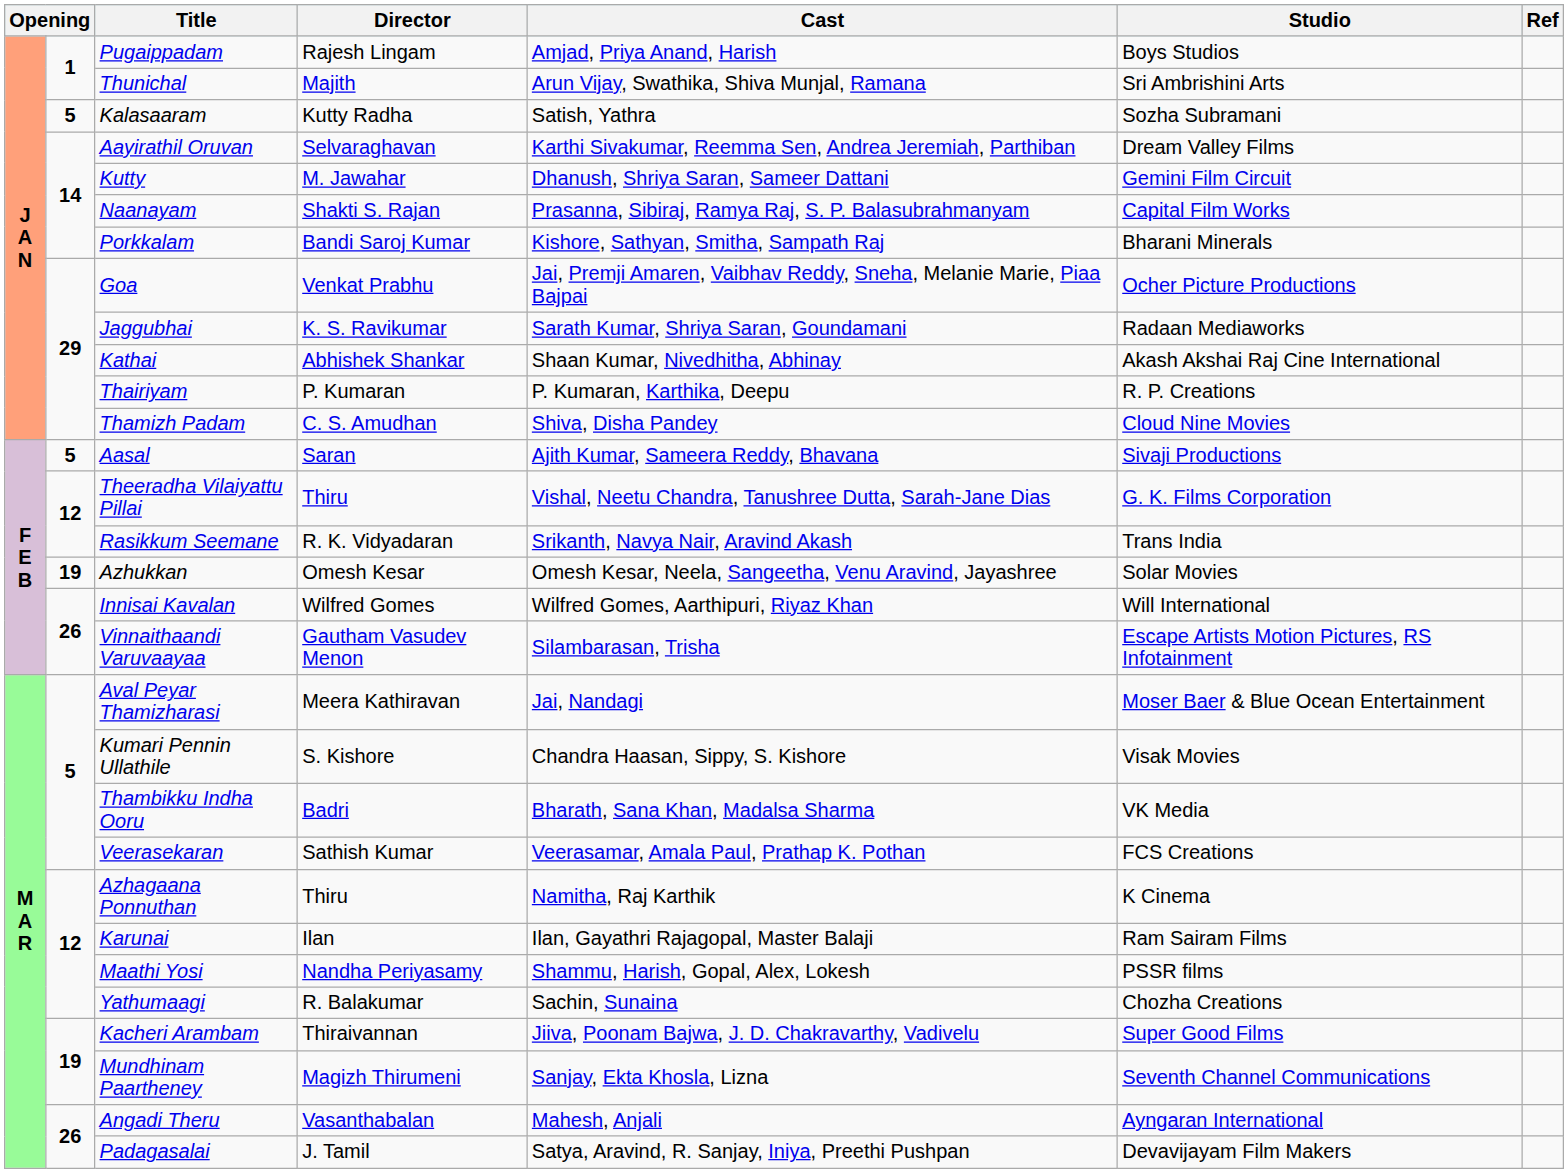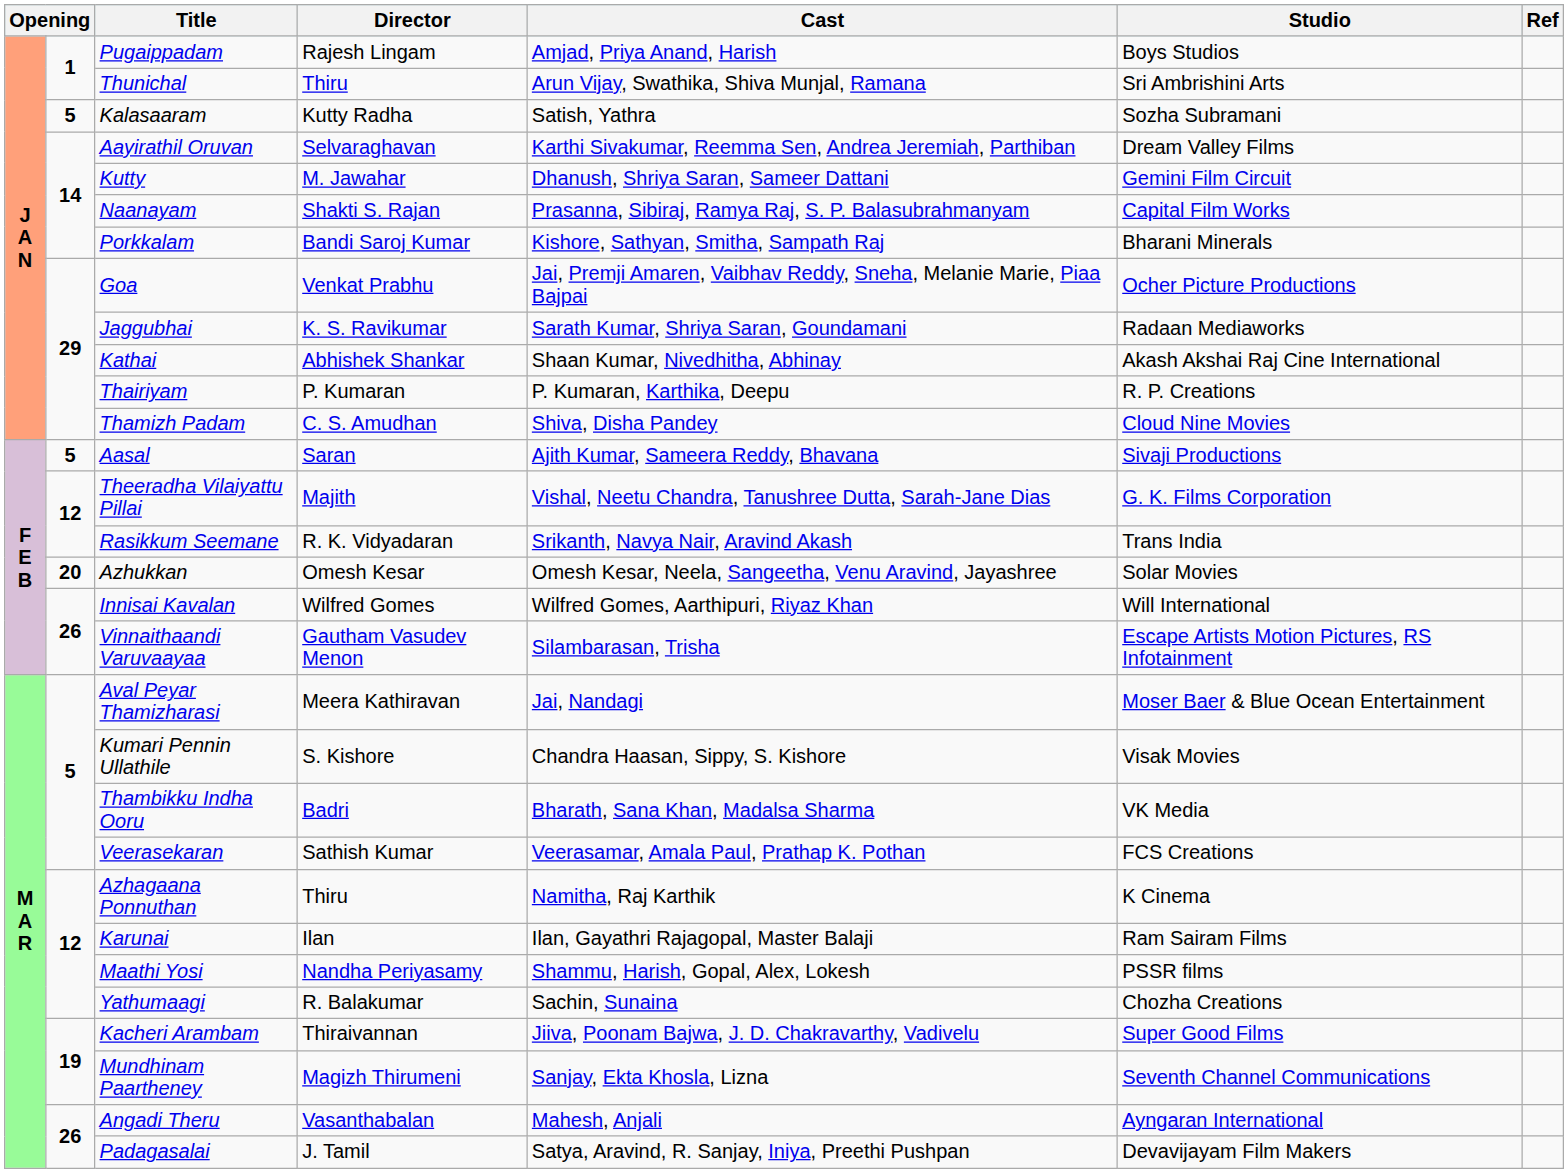 <table id="wikitable-20100601" class="wikitable">
 <tr style="background:#b0e0e6; text-align:center;">
 <th colspan="2">Opening</th>
 <th style="width:13%;">Title</th>
 <th>Director</th>
 <th>Cast</th>
 <th>Studio</th>
 <th>Ref</th>
 </tr>
 <tr January!>
 <td rowspan="12"   style="text-align:center; background:#ffa07a; textcolor:#000;"><strong>J<br>A<br>N</strong></td>
 <td rowspan="2" style="text-align:center;"><strong>1</strong></td>
 <td><em><a href='#'>Pugaippadam</a></em></td>
 <td>Rajesh Lingam</td>
 <td><a href='#'>Amjad</a>, <a href='#'>Priya Anand</a>, <a href='#'>Harish</a></td>
 <td>Boys Studios</td>
 <td></td>
 </tr>
 <tr>
 <td><em><a href='#'>Thunichal</a></em></td>
-<td><a href='#'>Majith</a></td>
+<td><a href='#'>Thiru</a></td>
 <td><a href='#'>Arun Vijay</a>, Swathika, Shiva Munjal, <a href='#'>Ramana</a></td>
 <td>Sri Ambrishini Arts</td>
 <td></td>
 </tr>
 <tr>
 <td style="text-align:center;"><strong>5</strong></td>
 <td><em>Kalasaaram</em></td>
 <td>Kutty Radha</td>
 <td>Satish, Yathra</td>
 <td>Sozha Subramani</td>
 <td></td>
 </tr>
 <tr>
 <td rowspan="4" style="text-align:center;"><strong>14</strong></td>
 <td><em><a href='#'>Aayirathil Oruvan</a></em></td>
 <td><a href='#'>Selvaraghavan</a></td>
 <td><a href='#'>Karthi Sivakumar</a>, <a href='#'>Reemma Sen</a>, <a href='#'>Andrea Jeremiah</a>, <a href='#'>Parthiban</a></td>
 <td>Dream Valley Films</td>
 <td></td>
 </tr>
 <tr>
 <td><em><a href='#'>Kutty</a></em></td>
 <td><a href='#'>M. Jawahar</a></td>
 <td><a href='#'>Dhanush</a>, <a href='#'>Shriya Saran</a>, <a href='#'>Sameer Dattani</a></td>
 <td><a href='#'>Gemini Film Circuit</a></td>
 <td></td>
 </tr>
 <tr>
 <td><em><a href='#'>Naanayam</a></em></td>
 <td><a href='#'>Shakti S. Rajan</a></td>
 <td><a href='#'>Prasanna</a>, <a href='#'>Sibiraj</a>, <a href='#'>Ramya Raj</a>, <a href='#'>S. P. Balasubrahmanyam</a></td>
 <td><a href='#'>Capital Film Works</a></td>
 <td></td>
 </tr>
 <tr>
 <td><em><a href='#'>Porkkalam</a></em></td>
 <td><a href='#'>Bandi Saroj Kumar</a></td>
 <td><a href='#'>Kishore</a>, <a href='#'>Sathyan</a>, <a href='#'>Smitha</a>, <a href='#'>Sampath Raj</a></td>
 <td>Bharani Minerals</td>
 <td></td>
 </tr>
 <tr>
 <td rowspan="5" style="text-align:center;"><strong>29</strong></td>
 <td><em><a href='#'>Goa</a></em></td>
 <td><a href='#'>Venkat Prabhu</a></td>
 <td><a href='#'>Jai</a>, <a href='#'>Premji Amaren</a>, <a href='#'>Vaibhav Reddy</a>, <a href='#'>Sneha</a>, Melanie Marie, <a href='#'>Piaa Bajpai</a></td>
 <td><a href='#'>Ocher Picture Productions</a></td>
 <td></td>
 </tr>
 <tr>
 <td><em><a href='#'>Jaggubhai</a></em></td>
 <td><a href='#'>K. S. Ravikumar</a></td>
 <td><a href='#'>Sarath Kumar</a>, <a href='#'>Shriya Saran</a>, <a href='#'>Goundamani</a></td>
 <td>Radaan Mediaworks</td>
 <td></td>
 </tr>
 <tr>
 <td><em><a href='#'>Kathai</a></em></td>
 <td><a href='#'>Abhishek Shankar</a></td>
 <td>Shaan Kumar, <a href='#'>Nivedhitha</a>, <a href='#'>Abhinay</a></td>
 <td>Akash Akshai Raj Cine International</td>
 <td></td>
 </tr>
 <tr>
 <td><em><a href='#'>Thairiyam</a></em></td>
 <td>P. Kumaran</td>
 <td>P. Kumaran, <a href='#'>Karthika</a>, Deepu</td>
 <td>R. P. Creations</td>
 <td></td>
 </tr>
 <tr>
 <td><em><a href='#'>Thamizh Padam</a></em></td>
 <td><a href='#'>C. S. Amudhan</a></td>
 <td><a href='#'>Shiva</a>, <a href='#'>Disha Pandey</a></td>
 <td><a href='#'>Cloud Nine Movies</a></td>
 <td></td>
 </tr>
 <tr February!>
 <td rowspan="6"   style="text-align:center; background:thistle; textcolor:#000;"><strong>F<br>E<br>B</strong></td>
 <td style="text-align:center;"><strong>5</strong></td>
 <td><em><a href='#'>Aasal</a></em></td>
 <td><a href='#'>Saran</a></td>
 <td><a href='#'>Ajith Kumar</a>, <a href='#'>Sameera Reddy</a>, <a href='#'>Bhavana</a></td>
 <td><a href='#'>Sivaji Productions</a></td>
 <td></td>
 </tr>
 <tr>
 <td rowspan="2" style="text-align:center;"><strong>12</strong></td>
 <td><em><a href='#'>Theeradha Vilaiyattu Pillai</a></em></td>
-<td><a href='#'>Thiru</a></td>
+<td><a href='#'>Majith</a></td>
 <td><a href='#'>Vishal</a>, <a href='#'>Neetu Chandra</a>, <a href='#'>Tanushree Dutta</a>, <a href='#'>Sarah-Jane Dias</a></td>
 <td><a href='#'>G. K. Films Corporation</a></td>
 <td></td>
 </tr>
 <tr>
 <td><em><a href='#'>Rasikkum Seemane</a></em></td>
 <td>R. K. Vidyadaran</td>
 <td><a href='#'>Srikanth</a>, <a href='#'>Navya Nair</a>, <a href='#'>Aravind Akash</a></td>
 <td>Trans India</td>
 <td></td>
 </tr>
 <tr>
-<td style="text-align:center;"><strong>19</strong></td>
+<td style="text-align:center;"><strong>20</strong></td>
 <td><em>Azhukkan</em></td>
 <td>Omesh Kesar</td>
 <td>Omesh Kesar, Neela, <a href='#'>Sangeetha</a>, <a href='#'>Venu Aravind</a>, Jayashree</td>
 <td>Solar Movies</td>
 <td></td>
 </tr>
 <tr>
 <td rowspan="2" style="text-align:center;"><strong>26</strong></td>
 <td><em><a href='#'>Innisai Kavalan</a></em></td>
 <td>Wilfred Gomes</td>
 <td>Wilfred Gomes, Aarthipuri, <a href='#'>Riyaz Khan</a></td>
 <td>Will International</td>
 <td></td>
 </tr>
 <tr>
 <td><em><a href='#'>Vinnaithaandi Varuvaayaa</a></em></td>
 <td><a href='#'>Gautham Vasudev Menon</a></td>
 <td><a href='#'>Silambarasan</a>, <a href='#'>Trisha</a></td>
 <td><a href='#'>Escape Artists Motion Pictures</a>, <a href='#'>RS Infotainment</a></td>
 <td></td>
 </tr>
 <tr>
 <td rowspan="12"   style="text-align:center; background:#98fb98; textcolor:#000;"><strong>M<br>A<br>R</strong></td>
 <td rowspan="4" style="text-align:center;"><strong>5</strong></td>
 <td><em><a href='#'>Aval Peyar Thamizharasi</a></em></td>
 <td>Meera Kathiravan</td>
 <td><a href='#'>Jai</a>, <a href='#'>Nandagi</a></td>
 <td><a href='#'>Moser Baer</a> & Blue Ocean Entertainment</td>
 <td></td>
 </tr>
 <tr>
 <td><em>Kumari Pennin Ullathile</em></td>
 <td>S. Kishore</td>
 <td>Chandra Haasan, Sippy, S. Kishore</td>
 <td>Visak Movies</td>
 <td></td>
 </tr>
 <tr>
 <td><em><a href='#'>Thambikku Indha Ooru</a></em></td>
 <td><a href='#'>Badri</a></td>
 <td><a href='#'>Bharath</a>, <a href='#'>Sana Khan</a>, <a href='#'>Madalsa Sharma</a></td>
 <td>VK Media</td>
 <td></td>
 </tr>
 <tr>
 <td><em><a href='#'>Veerasekaran</a></em></td>
 <td>Sathish Kumar</td>
 <td><a href='#'>Veerasamar</a>, <a href='#'>Amala Paul</a>, <a href='#'>Prathap K. Pothan</a></td>
 <td>FCS Creations</td>
 <td></td>
 </tr>
 <tr>
 <td rowspan="4" style="text-align:center;"><strong>12</strong></td>
 <td><em><a href='#'>Azhagaana Ponnuthan</a></em></td>
 <td>Thiru</td>
 <td><a href='#'>Namitha</a>, Raj Karthik</td>
 <td>K Cinema</td>
 <td></td>
 </tr>
 <tr>
 <td><em><a href='#'>Karunai</a></em></td>
 <td>Ilan</td>
 <td>Ilan, Gayathri Rajagopal, Master Balaji</td>
 <td>Ram Sairam Films</td>
 <td></td>
 </tr>
 <tr>
 <td><em><a href='#'>Maathi Yosi</a></em></td>
 <td><a href='#'>Nandha Periyasamy</a></td>
 <td><a href='#'>Shammu</a>, <a href='#'>Harish</a>, Gopal, Alex, Lokesh</td>
 <td>PSSR films</td>
 <td></td>
 </tr>
 <tr>
 <td><em><a href='#'>Yathumaagi</a></em></td>
 <td>R. Balakumar</td>
 <td>Sachin, <a href='#'>Sunaina</a></td>
 <td>Chozha Creations</td>
 <td></td>
 </tr>
 <tr>
 <td rowspan="2" style="text-align:center;"><strong>19</strong></td>
 <td><em><a href='#'>Kacheri Arambam</a></em></td>
 <td>Thiraivannan</td>
 <td><a href='#'>Jiiva</a>, <a href='#'>Poonam Bajwa</a>, <a href='#'>J. D. Chakravarthy</a>, <a href='#'>Vadivelu</a></td>
 <td><a href='#'>Super Good Films</a></td>
 <td></td>
 </tr>
 <tr>
 <td><em><a href='#'>Mundhinam Paartheney</a></em></td>
 <td><a href='#'>Magizh Thirumeni</a></td>
 <td><a href='#'>Sanjay</a>, <a href='#'>Ekta Khosla</a>, Lizna</td>
 <td><a href='#'>Seventh Channel Communications</a></td>
 <td></td>
 </tr>
 <tr>
 <td rowspan="2" style="text-align:center;"><strong>26</strong></td>
 <td><em><a href='#'>Angadi Theru</a></em></td>
 <td><a href='#'>Vasanthabalan</a></td>
 <td><a href='#'>Mahesh</a>, <a href='#'>Anjali</a></td>
 <td><a href='#'>Ayngaran International</a></td>
 <td></td>
 </tr>
 <tr>
 <td><em><a href='#'>Padagasalai</a></em></td>
 <td>J. Tamil</td>
 <td>Satya, Aravind, R. Sanjay, <a href='#'>Iniya</a>, Preethi Pushpan</td>
 <td>Devavijayam Film Makers</td>
 <td></td>
 </tr>
 </table>
